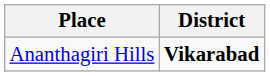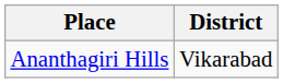 <table class="wikitable sortable">
 <tr>
 <th>Place</th>
 <th>District</th>
 </tr>
 <tr>
 <td><a href='#'>Ananthagiri Hills</a></td>
-<td><strong>Vikarabad</strong></td>
+<td>Vikarabad</td>
 </tr>
 </table>
